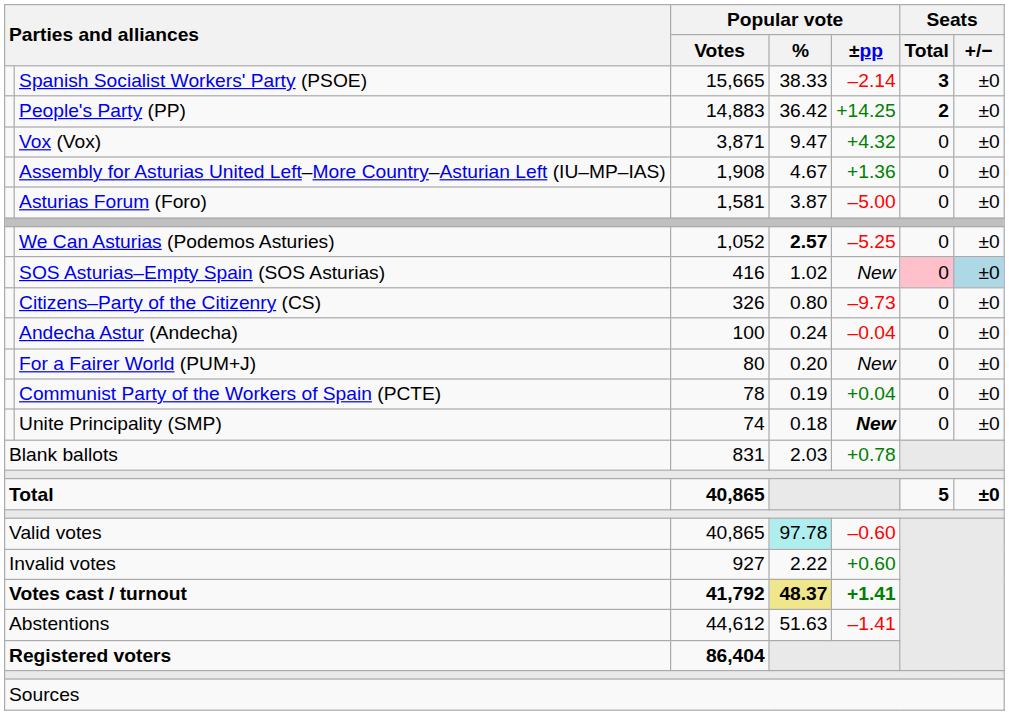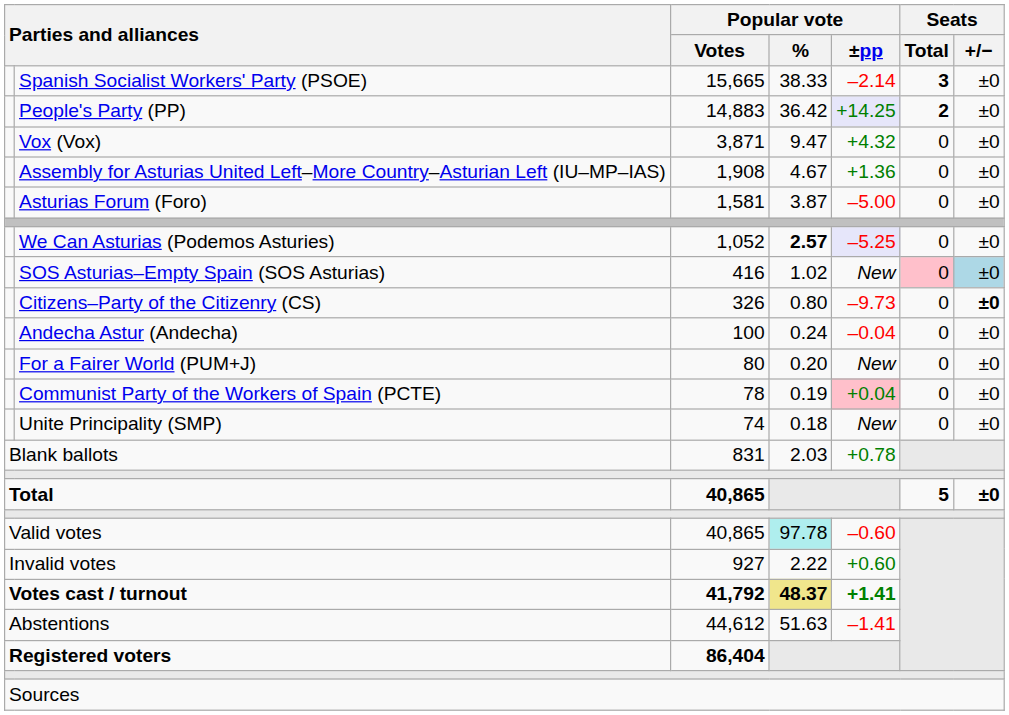 <table class="wikitable" style="text-align:right;">
 <tr>
 <th style="text-align:left;" rowspan="2" colspan="2" width="525">Parties and alliances</th>
 <th colspan="3">Popular vote</th>
 <th colspan="2">Seats</th>
 </tr>
 <tr>
 <th width="75">Votes</th>
 <th width="45">%</th>
 <th width="45">±<a href='#'>pp</a></th>
 <th width="35">Total</th>
 <th width="35">+/−</th>
 </tr>
 <tr>
 <td width="1" style="color:inherit;background:"></td>
 <td align="left"><a href='#'>Spanish Socialist Workers' Party</a> (PSOE)</td>
 <td>15,665</td>
 <td>38.33</td>
 <td style="color:red;">–2.14</td>
 <td><strong>3</strong></td>
 <td>±0</td>
 </tr>
 <tr>
 <td style="color:inherit;background:"></td>
 <td align="left"><a href='#'>People's Party</a> (PP)</td>
 <td>14,883</td>
 <td>36.42</td>
-<td style="color:green;">+14.25</td>
+<td style="background: lavender; color:green;">+14.25</td>
 <td><strong>2</strong></td>
 <td>±0</td>
 </tr>
 <tr>
 <td style="color:inherit;background:"></td>
 <td align="left"><a href='#'>Vox</a> (Vox)</td>
 <td>3,871</td>
 <td>9.47</td>
 <td style="color:green;">+4.32</td>
 <td>0</td>
 <td>±0</td>
 </tr>
 <tr>
 <td style="color:inherit;background:"></td>
 <td align="left"><a href='#'>Assembly for Asturias United Left</a>–<a href='#'>More Country</a>–<a href='#'>Asturian Left</a> (IU–MP–IAS)</td>
 <td>1,908</td>
 <td>4.67</td>
 <td style="color:green;">+1.36</td>
 <td>0</td>
 <td>±0</td>
 </tr>
 <tr>
 <td style="color:inherit;background:"></td>
 <td align="left"><a href='#'>Asturias Forum</a> (Foro)</td>
 <td>1,581</td>
 <td>3.87</td>
 <td style="color:red;">–5.00</td>
 <td>0</td>
 <td>±0</td>
 </tr>
 <tr>
 <td colspan="7" bgcolor="#C0C0C0"></td>
 </tr>
 <tr>
 <td style="color:inherit;background:"></td>
 <td align="left"><a href='#'>We Can Asturias</a> (Podemos Asturies)</td>
 <td>1,052</td>
 <td><strong>2.57</strong></td>
-<td style="color:red;">–5.25</td>
+<td style="background: lavender; color:red;">–5.25</td>
 <td>0</td>
 <td>±0</td>
 </tr>
 <tr>
 <td style="color:inherit;background:"></td>
 <td align="left"><a href='#'>SOS Asturias–Empty Spain</a> (SOS Asturias)</td>
 <td>416</td>
 <td>1.02</td>
 <td><em>New</em></td>
 <td style="background: pink;">0</td>
 <td style="background: lightblue;">±0</td>
 </tr>
 <tr>
 <td style="color:inherit;background:"></td>
 <td align="left"><a href='#'>Citizens–Party of the Citizenry</a> (CS)</td>
 <td>326</td>
 <td>0.80</td>
 <td style="color:red;">–9.73</td>
 <td>0</td>
-<td>±0</td>
+<td><strong>±0</strong></td>
 </tr>
 <tr>
 <td bgcolor=></td>
 <td align="left"><a href='#'>Andecha Astur</a> (Andecha)</td>
 <td>100</td>
 <td>0.24</td>
 <td style="color:red;">–0.04</td>
 <td>0</td>
 <td>±0</td>
 </tr>
 <tr>
 <td style="color:inherit;background:"></td>
 <td align="left"><a href='#'>For a Fairer World</a> (PUM+J)</td>
 <td>80</td>
 <td>0.20</td>
 <td><em>New</em></td>
 <td>0</td>
 <td>±0</td>
 </tr>
 <tr>
 <td style="color:inherit;background:"></td>
 <td align="left"><a href='#'>Communist Party of the Workers of Spain</a> (PCTE)</td>
 <td>78</td>
 <td>0.19</td>
-<td style="color:green;">+0.04</td>
+<td style="background: pink; color:green;">+0.04</td>
 <td>0</td>
 <td>±0</td>
 </tr>
 <tr>
 <td style="color:inherit;background:"></td>
 <td align="left">Unite Principality (SMP)</td>
 <td>74</td>
 <td>0.18</td>
-<td><strong><em>New</em></strong></td>
+<td><em>New</em></td>
 <td>0</td>
 <td>±0</td>
 </tr>
 <tr>
 <td align="left" colspan="2">Blank ballots</td>
 <td>831</td>
 <td>2.03</td>
 <td style="color:green;">+0.78</td>
 <td bgcolor="#E9E9E9" colspan="2"></td>
 </tr>
 <tr>
 <td colspan="7" bgcolor="#E9E9E9"></td>
 </tr>
 <tr style="font-weight:bold;">
 <td align="left" colspan="2">Total</td>
 <td>40,865</td>
 <td bgcolor="#E9E9E9" colspan="2"></td>
 <td>5</td>
 <td>±0</td>
 </tr>
 <tr>
 <td colspan="7" bgcolor="#E9E9E9"></td>
 </tr>
 <tr>
 <td align="left" colspan="2">Valid votes</td>
 <td>40,865</td>
 <td style="background: paleturquoise;">97.78</td>
 <td style="color:red;">–0.60</td>
 <td bgcolor="#E9E9E9" colspan="2" rowspan="5"></td>
 </tr>
 <tr>
 <td align="left" colspan="2">Invalid votes</td>
 <td>927</td>
 <td>2.22</td>
 <td style="color:green;">+0.60</td>
 </tr>
 <tr style="font-weight:bold;">
 <td align="left" colspan="2">Votes cast / turnout</td>
 <td>41,792</td>
 <td style="background: khaki;">48.37</td>
 <td style="color:green;">+1.41</td>
 </tr>
 <tr>
 <td align="left" colspan="2">Abstentions</td>
 <td>44,612</td>
 <td>51.63</td>
 <td style="color:red;">–1.41</td>
 </tr>
 <tr style="font-weight:bold;">
 <td align="left" colspan="2">Registered voters</td>
 <td>86,404</td>
 <td bgcolor="#E9E9E9" colspan="2"></td>
 </tr>
 <tr>
 <td colspan="7" bgcolor="#E9E9E9"></td>
 </tr>
 <tr>
 <td align="left" colspan="7">Sources</td>
 </tr>
 </table>
